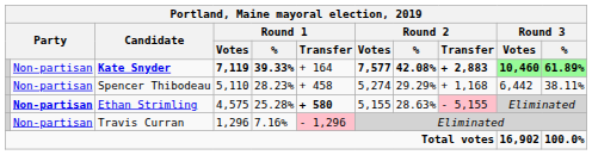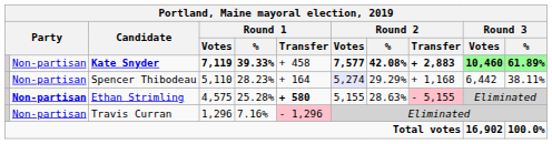 <table class="wikitable">
 <tr>
 <th colspan="11">Portland, Maine mayoral election, 2019</th>
 </tr>
 <tr>
 <th colspan="2" rowspan="2">Party</th>
 <th rowspan="2">Candidate</th>
 <th colspan="3">Round 1</th>
 <th colspan="3">Round 2</th>
 <th colspan="2">Round 3</th>
 </tr>
 <tr>
 <th>Votes</th>
 <th>%</th>
 <th>Transfer</th>
 <th>Votes</th>
 <th>%</th>
 <th>Transfer</th>
 <th>Votes</th>
 <th>%</th>
 </tr>
 <tr>
 <td style="background: LightGray"></td>
 <td><a href='#'>Non-partisan</a></td>
 <td><strong><a href='#'>Kate Snyder</a></strong></td>
 <td><strong>7,119</strong></td>
 <td><strong>39.33%</strong></td>
-<td>+ 164</td>
+<td>+ 458</td>
 <td><strong>7,577</strong></td>
 <td><strong>42.08%</strong></td>
 <td><strong> + 2,883</strong></td>
 <td BGCOLOR=PaleGreen><strong>10,460</strong></td>
 <td BGCOLOR=PaleGreen><strong>61.89%</strong></td>
 </tr>
 <tr>
 <td style="background: LightGray"></td>
 <td><a href='#'>Non-partisan</a></td>
 <td>Spencer Thibodeau</td>
 <td>5,110</td>
 <td>28.23%</td>
-<td>+ 458</td>
-<td>5,274</td>
+<td>+ 164</td>
+<td style="background: lavender;">5,274</td>
 <td>29.29%</td>
 <td>+ 1,168</td>
 <td>6,442</td>
 <td>38.11%</td>
 </tr>
 <tr>
 <td style="background: LightGray"></td>
 <td><strong><a href='#'>Non-partisan</a></strong></td>
 <td><a href='#'>Ethan Strimling</a></td>
 <td>4,575</td>
 <td>25.28%</td>
 <td><strong>+ 580</strong></td>
 <td>5,155</td>
 <td>28.63%</td>
 <td BGCOLOR=pink>- 5,155</td>
 <td colspan="2" bgcolor="lightgray" align="center"><em>Eliminated</em></td>
 </tr>
 <tr>
 <td style="background: LightGray"></td>
 <td><a href='#'>Non-partisan</a></td>
 <td>Travis Curran</td>
 <td>1,296</td>
 <td>7.16%</td>
 <td BGCOLOR=pink>- 1,296</td>
 <td colspan="5" bgcolor="lightgray" align="center"><em>Eliminated</em></td>
 </tr>
 <tr>
 <td colspan="9" align="right"><strong>Total votes</strong></td>
 <td><strong>16,902</strong></td>
 <td><strong>100.0%</strong></td>
 </tr>
 </table>
